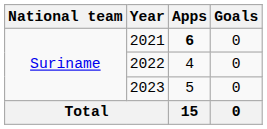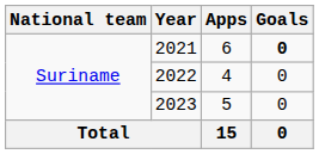 <table class=wikitable style=text-align:center>
 <tr>
 <th>National team</th>
 <th>Year</th>
 <th>Apps</th>
 <th>Goals</th>
 </tr>
 <tr>
 <td rowspan="3"><a href='#'>Suriname</a></td>
 <td>2021</td>
-<td><strong>6</strong></td>
-<td>0</td>
+<td>6</td>
+<td><strong>0</strong></td>
 </tr>
 <tr>
 <td>2022</td>
 <td>4</td>
 <td>0</td>
 </tr>
 <tr>
 <td>2023</td>
 <td>5</td>
 <td>0</td>
 </tr>
 <tr>
 <th colspan="2">Total</th>
 <th>15</th>
 <th>0</th>
 </tr>
 </table>
